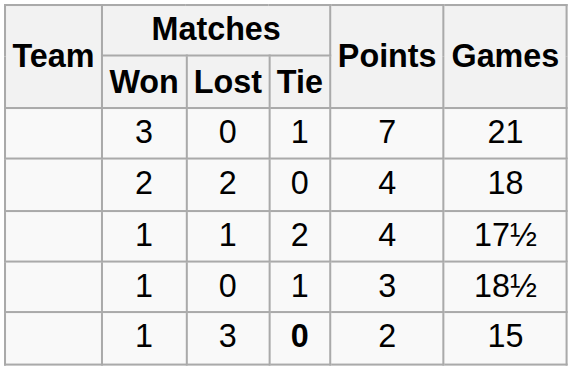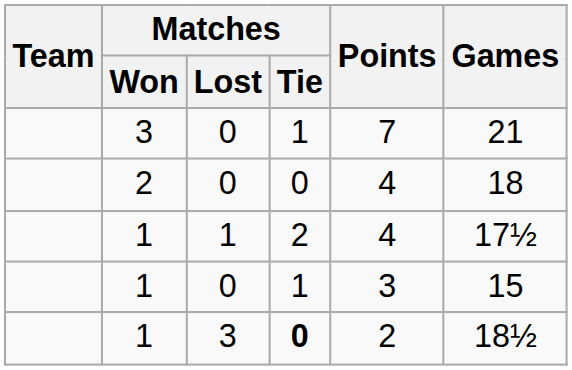 <table class="wikitable" style="text-align:center">
 <tr>
 <th rowspan=2>Team</th>
 <th colspan=3>Matches</th>
 <th rowspan=2>Points</th>
 <th rowspan=2>Games</th>
 </tr>
 <tr>
 <th>Won</th>
 <th>Lost</th>
 <th>Tie</th>
 </tr>
 <tr>
 <td align=left></td>
 <td>3</td>
 <td>0</td>
 <td>1</td>
 <td>7</td>
 <td>21</td>
 </tr>
 <tr>
 <td align=left></td>
 <td>2</td>
-<td>2</td>
+<td>0</td>
 <td>0</td>
 <td>4</td>
 <td>18</td>
 </tr>
 <tr>
 <td align=left></td>
 <td>1</td>
 <td>1</td>
 <td>2</td>
 <td>4</td>
 <td>17½</td>
 </tr>
 <tr>
 <td align=left></td>
 <td>1</td>
 <td>0</td>
 <td>1</td>
 <td>3</td>
-<td>18½</td>
+<td>15</td>
 </tr>
 <tr>
 <td align=left></td>
 <td>1</td>
 <td>3</td>
 <td><strong>0</strong></td>
 <td>2</td>
-<td>15</td>
+<td>18½</td>
 </tr>
 </table>
